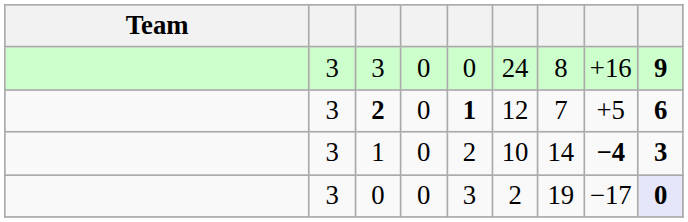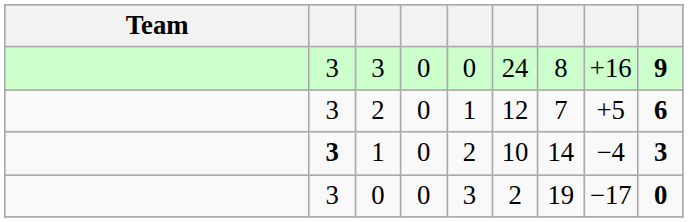 <table class="wikitable" style="text-align: center;">
 <tr>
 <th width="175">Team</th>
 <th width="20"></th>
 <th width="20"></th>
 <th width="20"></th>
 <th width="20"></th>
 <th width="20"></th>
 <th width="20"></th>
 <th width="20"></th>
 <th width="20"></th>
 </tr>
 <tr style="background-color: #ccffcc;">
 <td align=left></td>
 <td>3</td>
 <td>3</td>
 <td>0</td>
 <td>0</td>
 <td>24</td>
 <td>8</td>
 <td>+16</td>
 <td><strong>9</strong></td>
 </tr>
 <tr>
 <td align=left></td>
 <td>3</td>
-<td><strong>2</strong></td>
+<td>2</td>
 <td>0</td>
-<td><strong>1</strong></td>
+<td>1</td>
 <td>12</td>
 <td>7</td>
 <td>+5</td>
 <td><strong>6</strong></td>
 </tr>
 <tr>
 <td align=left></td>
-<td>3</td>
+<td><strong>3</strong></td>
 <td>1</td>
 <td>0</td>
 <td>2</td>
 <td>10</td>
 <td>14</td>
-<td><strong>−4</strong></td>
+<td>−4</td>
 <td><strong>3</strong></td>
 </tr>
 <tr>
 <td align=left></td>
 <td>3</td>
 <td>0</td>
 <td>0</td>
 <td>3</td>
 <td>2</td>
 <td>19</td>
 <td>−17</td>
-<td style="background: lavender;"><strong>0</strong></td>
+<td><strong>0</strong></td>
 </tr>
 </table>
